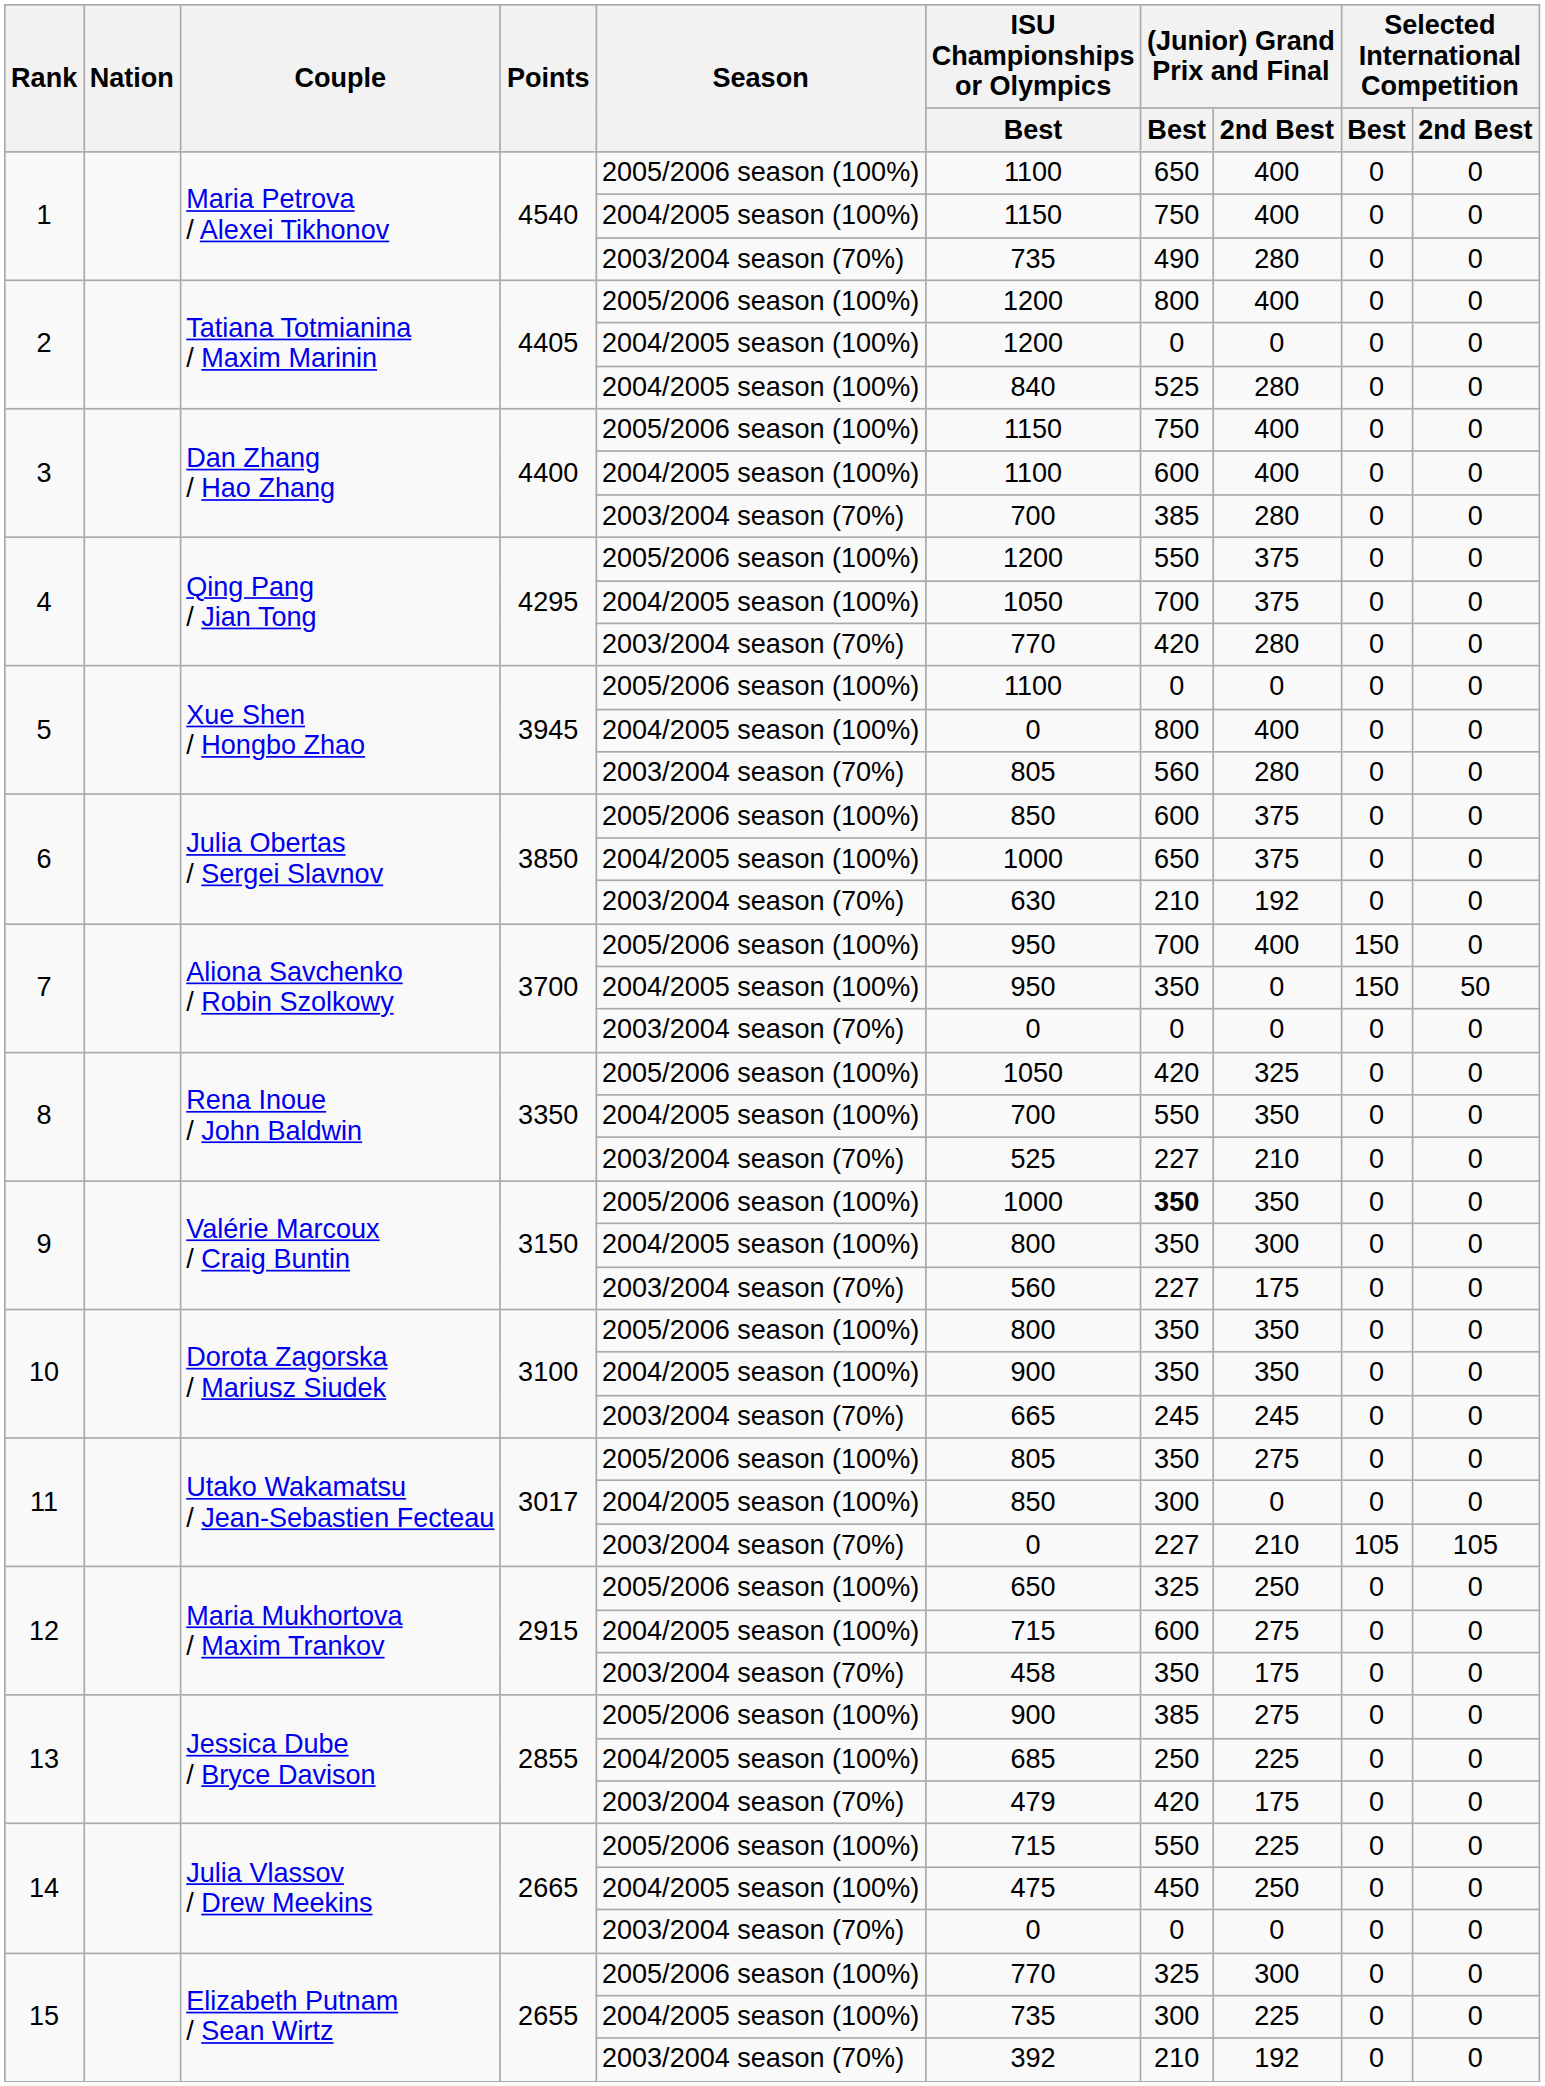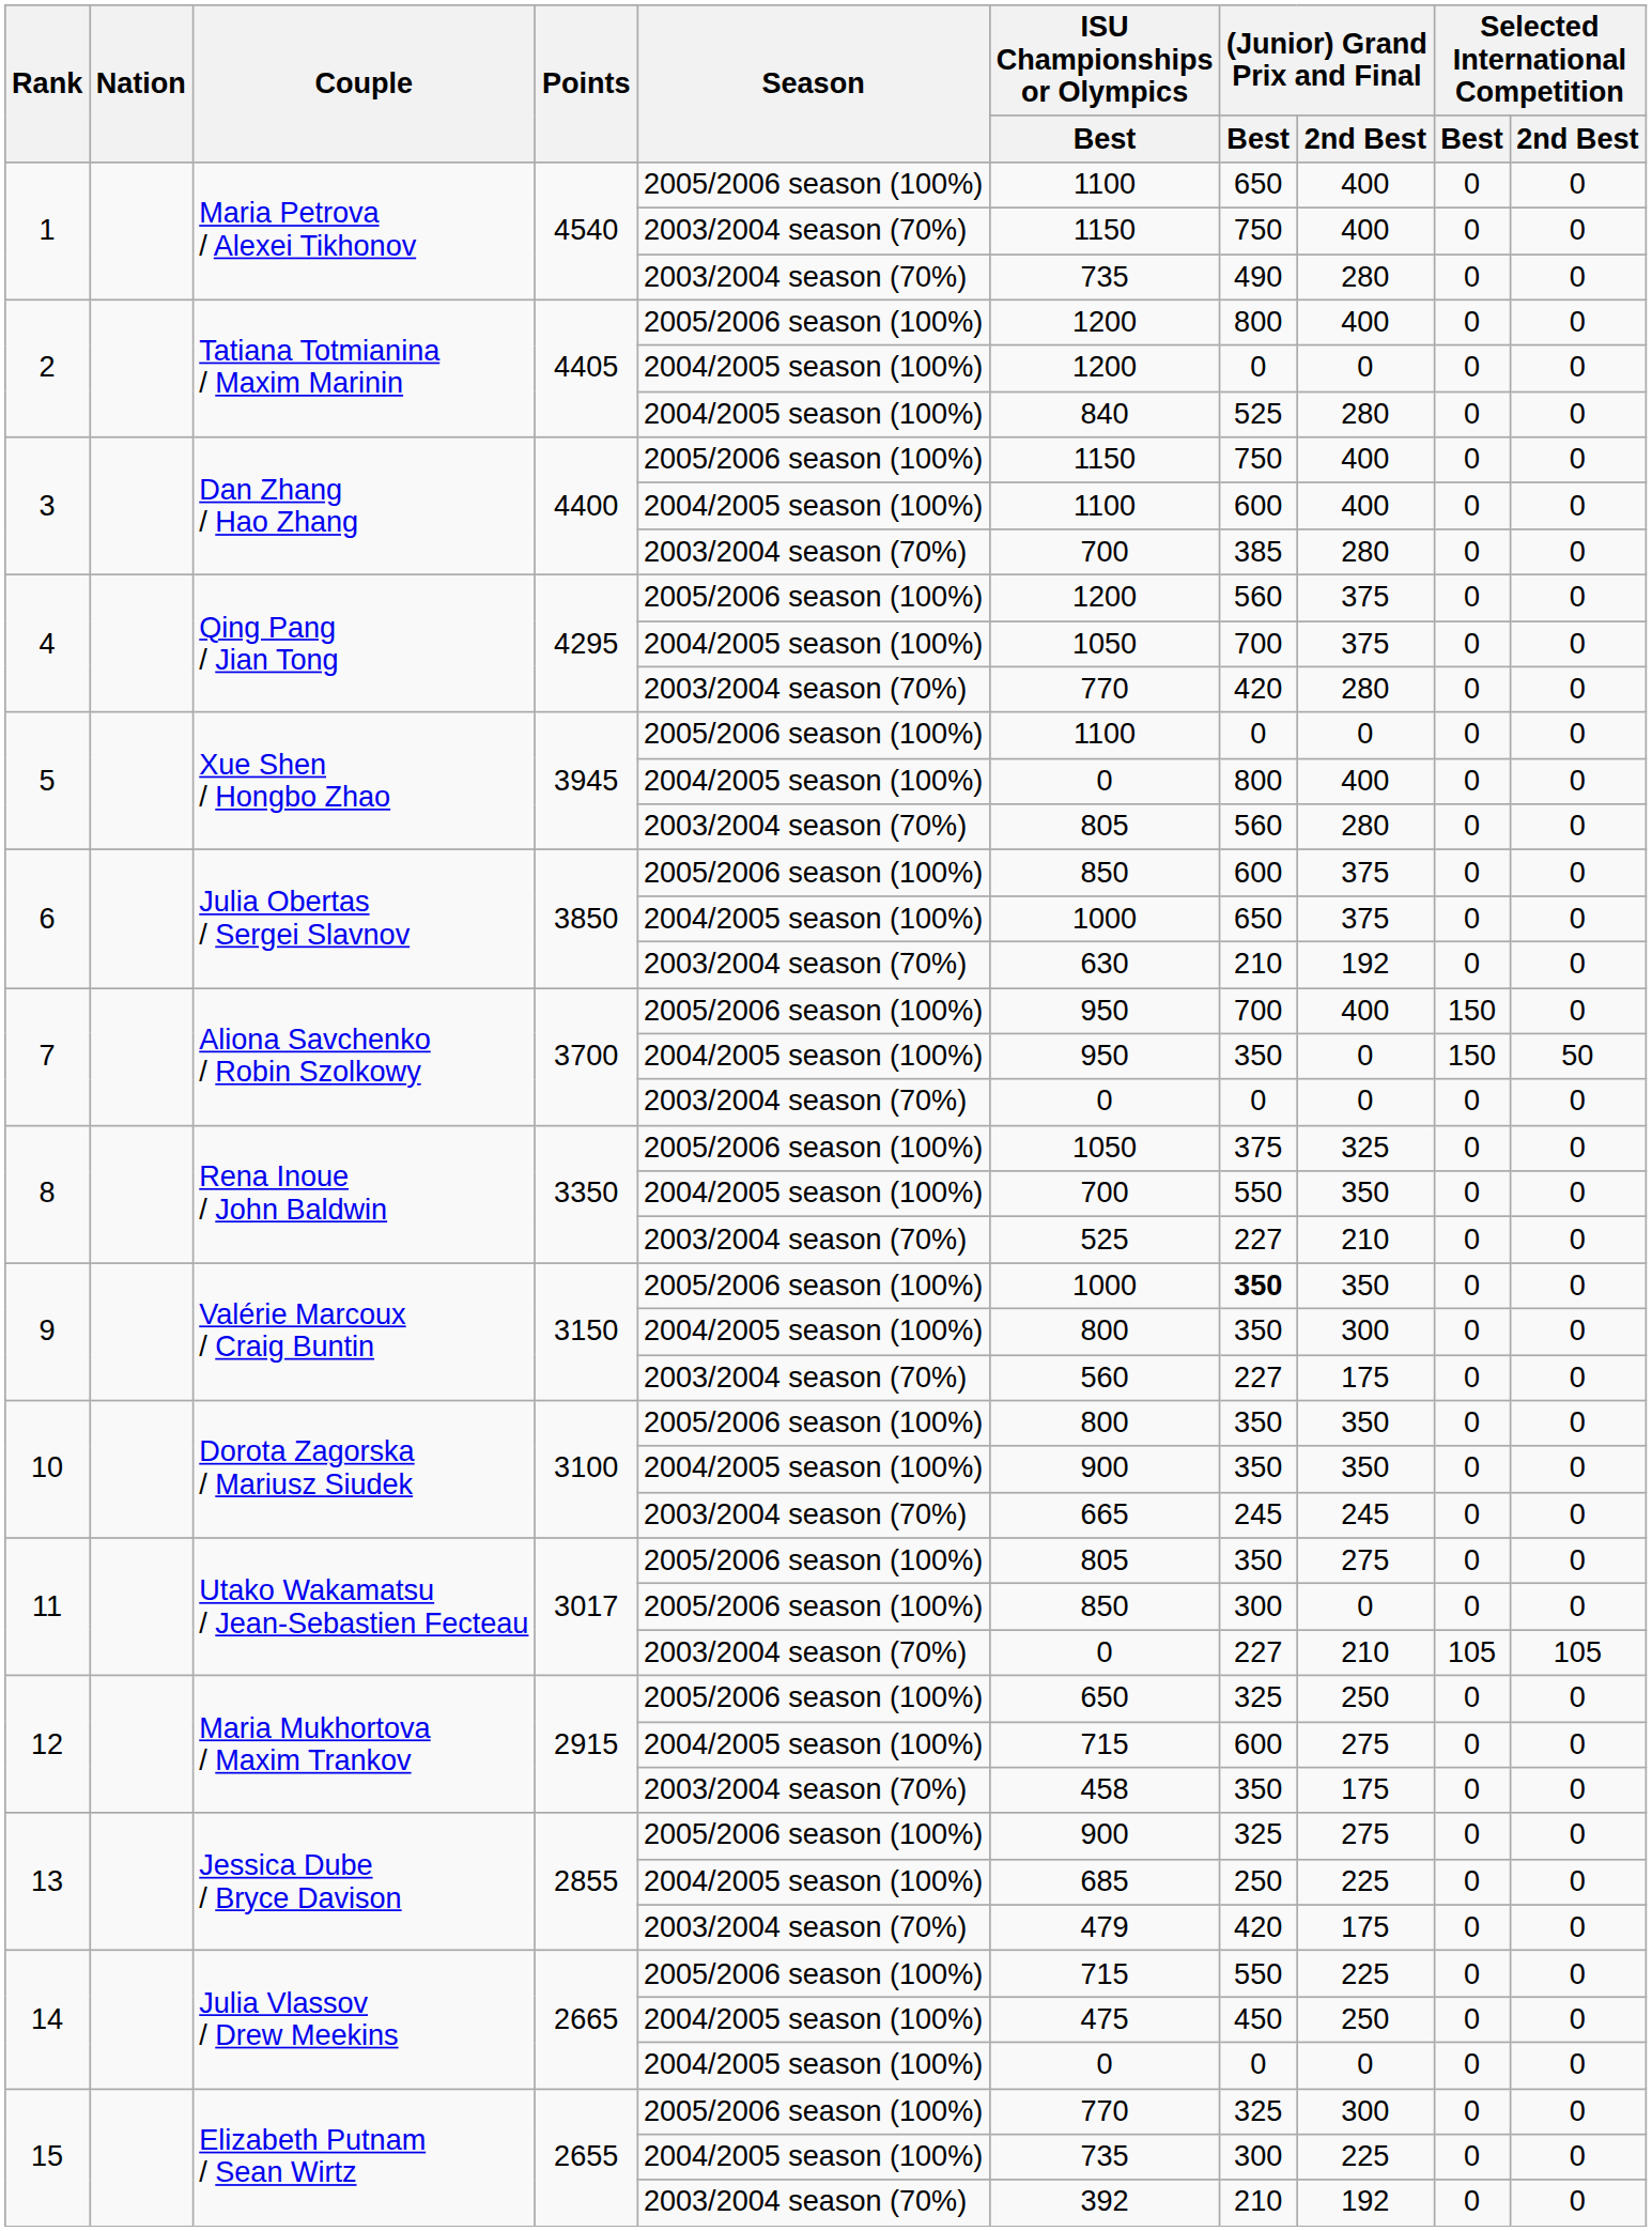 <table class="wikitable sortable" style="text-align: center;">
 <tr>
 <th rowspan="2">Rank</th>
 <th rowspan="2">Nation</th>
 <th rowspan="2">Couple</th>
 <th rowspan="2">Points</th>
 <th rowspan="2">Season</th>
 <th>ISU <br> Championships <br> or Olympics</th>
 <th colspan="2">(Junior) Grand <br> Prix and Final</th>
 <th colspan="2">Selected <br> International <br> Competition</th>
 </tr>
 <tr>
 <th>Best</th>
 <th>Best</th>
 <th>2nd Best</th>
 <th>Best</th>
 <th>2nd Best</th>
 </tr>
 <tr>
 <td rowspan="3">1</td>
 <td rowspan="3" style="text-align: left;"></td>
 <td rowspan="3" style="text-align: left;"><a href='#'>Maria Petrova</a> <br>/ <a href='#'>Alexei Tikhonov</a></td>
 <td rowspan="3">4540</td>
 <td style="text-align: left;">2005/2006 season (100%)</td>
 <td>1100</td>
 <td>650</td>
 <td>400</td>
 <td>0</td>
 <td>0</td>
 </tr>
 <tr>
-<td style="text-align: left;">2004/2005 season (100%)</td>
+<td style="text-align: left;">2003/2004 season (70%)</td>
 <td>1150</td>
 <td>750</td>
 <td>400</td>
 <td>0</td>
 <td>0</td>
 </tr>
 <tr>
 <td style="text-align: left;">2003/2004 season (70%)</td>
 <td>735</td>
 <td>490</td>
 <td>280</td>
 <td>0</td>
 <td>0</td>
 </tr>
 <tr>
 <td rowspan="3">2</td>
 <td rowspan="3" style="text-align: left;"></td>
 <td rowspan="3" style="text-align: left;"><a href='#'>Tatiana Totmianina</a> <br>/ <a href='#'>Maxim Marinin</a></td>
 <td rowspan="3">4405</td>
 <td style="text-align: left;">2005/2006 season (100%)</td>
 <td>1200</td>
 <td>800</td>
 <td>400</td>
 <td>0</td>
 <td>0</td>
 </tr>
 <tr>
 <td style="text-align: left;">2004/2005 season (100%)</td>
 <td>1200</td>
 <td>0</td>
 <td>0</td>
 <td>0</td>
 <td>0</td>
 </tr>
 <tr>
 <td style="text-align: left;">2004/2005 season (100%)</td>
 <td>840</td>
 <td>525</td>
 <td>280</td>
 <td>0</td>
 <td>0</td>
 </tr>
 <tr>
 <td rowspan="3">3</td>
 <td rowspan="3" style="text-align: left;"></td>
 <td rowspan="3" style="text-align: left;"><a href='#'>Dan Zhang</a> <br>/ <a href='#'>Hao Zhang</a></td>
 <td rowspan="3">4400</td>
 <td style="text-align: left;">2005/2006 season (100%)</td>
 <td>1150</td>
 <td>750</td>
 <td>400</td>
 <td>0</td>
 <td>0</td>
 </tr>
 <tr>
 <td style="text-align: left;">2004/2005 season (100%)</td>
 <td>1100</td>
 <td>600</td>
 <td>400</td>
 <td>0</td>
 <td>0</td>
 </tr>
 <tr>
 <td style="text-align: left;">2003/2004 season (70%)</td>
 <td>700</td>
 <td>385</td>
 <td>280</td>
 <td>0</td>
 <td>0</td>
 </tr>
 <tr>
 <td rowspan="3">4</td>
 <td rowspan="3" style="text-align: left;"></td>
 <td rowspan="3" style="text-align: left;"><a href='#'>Qing Pang</a> <br>/ <a href='#'>Jian Tong</a></td>
 <td rowspan="3">4295</td>
 <td style="text-align: left;">2005/2006 season (100%)</td>
 <td>1200</td>
-<td>550</td>
+<td>560</td>
 <td>375</td>
 <td>0</td>
 <td>0</td>
 </tr>
 <tr>
 <td style="text-align: left;">2004/2005 season (100%)</td>
 <td>1050</td>
 <td>700</td>
 <td>375</td>
 <td>0</td>
 <td>0</td>
 </tr>
 <tr>
 <td style="text-align: left;">2003/2004 season (70%)</td>
 <td>770</td>
 <td>420</td>
 <td>280</td>
 <td>0</td>
 <td>0</td>
 </tr>
 <tr>
 <td rowspan="3">5</td>
 <td rowspan="3" style="text-align: left;"></td>
 <td rowspan="3" style="text-align: left;"><a href='#'>Xue Shen</a> <br>/ <a href='#'>Hongbo Zhao</a></td>
 <td rowspan="3">3945</td>
 <td style="text-align: left;">2005/2006 season (100%)</td>
 <td>1100</td>
 <td>0</td>
 <td>0</td>
 <td>0</td>
 <td>0</td>
 </tr>
 <tr>
 <td style="text-align: left;">2004/2005 season (100%)</td>
 <td>0</td>
 <td>800</td>
 <td>400</td>
 <td>0</td>
 <td>0</td>
 </tr>
 <tr>
 <td style="text-align: left;">2003/2004 season (70%)</td>
 <td>805</td>
 <td>560</td>
 <td>280</td>
 <td>0</td>
 <td>0</td>
 </tr>
 <tr>
 <td rowspan="3">6</td>
 <td rowspan="3" style="text-align: left;"></td>
 <td rowspan="3" style="text-align: left;"><a href='#'>Julia Obertas</a> <br>/ <a href='#'>Sergei Slavnov</a></td>
 <td rowspan="3">3850</td>
 <td style="text-align: left;">2005/2006 season (100%)</td>
 <td>850</td>
 <td>600</td>
 <td>375</td>
 <td>0</td>
 <td>0</td>
 </tr>
 <tr>
 <td style="text-align: left;">2004/2005 season (100%)</td>
 <td>1000</td>
 <td>650</td>
 <td>375</td>
 <td>0</td>
 <td>0</td>
 </tr>
 <tr>
 <td style="text-align: left;">2003/2004 season (70%)</td>
 <td>630</td>
 <td>210</td>
 <td>192</td>
 <td>0</td>
 <td>0</td>
 </tr>
 <tr>
 <td rowspan="3">7</td>
 <td rowspan="3" style="text-align: left;"></td>
 <td rowspan="3" style="text-align: left;"><a href='#'>Aliona Savchenko</a> <br>/ <a href='#'>Robin Szolkowy</a></td>
 <td rowspan="3">3700</td>
 <td style="text-align: left;">2005/2006 season (100%)</td>
 <td>950</td>
 <td>700</td>
 <td>400</td>
 <td>150</td>
 <td>0</td>
 </tr>
 <tr>
 <td style="text-align: left;">2004/2005 season (100%)</td>
 <td>950</td>
 <td>350</td>
 <td>0</td>
 <td>150</td>
 <td>50</td>
 </tr>
 <tr>
 <td style="text-align: left;">2003/2004 season (70%)</td>
 <td>0</td>
 <td>0</td>
 <td>0</td>
 <td>0</td>
 <td>0</td>
 </tr>
 <tr>
 <td rowspan="3">8</td>
 <td rowspan="3" style="text-align: left;"></td>
 <td rowspan="3" style="text-align: left;"><a href='#'>Rena Inoue</a> <br>/ <a href='#'>John Baldwin</a></td>
 <td rowspan="3">3350</td>
 <td style="text-align: left;">2005/2006 season (100%)</td>
 <td>1050</td>
-<td>420</td>
+<td>375</td>
 <td>325</td>
 <td>0</td>
 <td>0</td>
 </tr>
 <tr>
 <td style="text-align: left;">2004/2005 season (100%)</td>
 <td>700</td>
 <td>550</td>
 <td>350</td>
 <td>0</td>
 <td>0</td>
 </tr>
 <tr>
 <td style="text-align: left;">2003/2004 season (70%)</td>
 <td>525</td>
 <td>227</td>
 <td>210</td>
 <td>0</td>
 <td>0</td>
 </tr>
 <tr>
 <td rowspan="3">9</td>
 <td rowspan="3" style="text-align: left;"></td>
 <td rowspan="3" style="text-align: left;"><a href='#'>Valérie Marcoux</a> <br>/ <a href='#'>Craig Buntin</a></td>
 <td rowspan="3">3150</td>
 <td style="text-align: left;">2005/2006 season (100%)</td>
 <td>1000</td>
 <td><strong>350</strong></td>
 <td>350</td>
 <td>0</td>
 <td>0</td>
 </tr>
 <tr>
 <td style="text-align: left;">2004/2005 season (100%)</td>
 <td>800</td>
 <td>350</td>
 <td>300</td>
 <td>0</td>
 <td>0</td>
 </tr>
 <tr>
 <td style="text-align: left;">2003/2004 season (70%)</td>
 <td>560</td>
 <td>227</td>
 <td>175</td>
 <td>0</td>
 <td>0</td>
 </tr>
 <tr>
 <td rowspan="3">10</td>
 <td rowspan="3" style="text-align: left;"></td>
 <td rowspan="3" style="text-align: left;"><a href='#'>Dorota Zagorska</a> <br>/ <a href='#'>Mariusz Siudek</a></td>
 <td rowspan="3">3100</td>
 <td style="text-align: left;">2005/2006 season (100%)</td>
 <td>800</td>
 <td>350</td>
 <td>350</td>
 <td>0</td>
 <td>0</td>
 </tr>
 <tr>
 <td style="text-align: left;">2004/2005 season (100%)</td>
 <td>900</td>
 <td>350</td>
 <td>350</td>
 <td>0</td>
 <td>0</td>
 </tr>
 <tr>
 <td style="text-align: left;">2003/2004 season (70%)</td>
 <td>665</td>
 <td>245</td>
 <td>245</td>
 <td>0</td>
 <td>0</td>
 </tr>
 <tr>
 <td rowspan="3">11</td>
 <td rowspan="3" style="text-align: left;"></td>
 <td rowspan="3" style="text-align: left;"><a href='#'>Utako Wakamatsu </a> <br>/ <a href='#'>Jean-Sebastien Fecteau</a></td>
 <td rowspan="3">3017</td>
 <td style="text-align: left;">2005/2006 season (100%)</td>
 <td>805</td>
 <td>350</td>
 <td>275</td>
 <td>0</td>
 <td>0</td>
 </tr>
 <tr>
-<td style="text-align: left;">2004/2005 season (100%)</td>
+<td style="text-align: left;">2005/2006 season (100%)</td>
 <td>850</td>
 <td>300</td>
 <td>0</td>
 <td>0</td>
 <td>0</td>
 </tr>
 <tr>
 <td style="text-align: left;">2003/2004 season (70%)</td>
 <td>0</td>
 <td>227</td>
 <td>210</td>
 <td>105</td>
 <td>105</td>
 </tr>
 <tr>
 <td rowspan="3">12</td>
 <td rowspan="3" style="text-align: left;"></td>
 <td rowspan="3" style="text-align: left;"><a href='#'>Maria Mukhortova</a> <br>/ <a href='#'>Maxim Trankov</a></td>
 <td rowspan="3">2915</td>
 <td style="text-align: left;">2005/2006 season (100%)</td>
 <td>650</td>
 <td>325</td>
 <td>250</td>
 <td>0</td>
 <td>0</td>
 </tr>
 <tr>
 <td style="text-align: left;">2004/2005 season (100%)</td>
 <td>715</td>
 <td>600</td>
 <td>275</td>
 <td>0</td>
 <td>0</td>
 </tr>
 <tr>
 <td style="text-align: left;">2003/2004 season (70%)</td>
 <td>458</td>
 <td>350</td>
 <td>175</td>
 <td>0</td>
 <td>0</td>
 </tr>
 <tr>
 <td rowspan="3">13</td>
 <td rowspan="3" style="text-align: left;"></td>
 <td rowspan="3" style="text-align: left;"><a href='#'>Jessica Dube</a> <br>/ <a href='#'>Bryce Davison</a></td>
 <td rowspan="3">2855</td>
 <td style="text-align: left;">2005/2006 season (100%)</td>
 <td>900</td>
-<td>385</td>
+<td>325</td>
 <td>275</td>
 <td>0</td>
 <td>0</td>
 </tr>
 <tr>
 <td style="text-align: left;">2004/2005 season (100%)</td>
 <td>685</td>
 <td>250</td>
 <td>225</td>
 <td>0</td>
 <td>0</td>
 </tr>
 <tr>
 <td style="text-align: left;">2003/2004 season (70%)</td>
 <td>479</td>
 <td>420</td>
 <td>175</td>
 <td>0</td>
 <td>0</td>
 </tr>
 <tr>
 <td rowspan="3">14</td>
 <td rowspan="3" style="text-align: left;"></td>
 <td rowspan="3" style="text-align: left;"><a href='#'>Julia Vlassov</a> <br>/ <a href='#'>Drew Meekins</a></td>
 <td rowspan="3">2665</td>
 <td style="text-align: left;">2005/2006 season (100%)</td>
 <td>715</td>
 <td>550</td>
 <td>225</td>
 <td>0</td>
 <td>0</td>
 </tr>
 <tr>
 <td style="text-align: left;">2004/2005 season (100%)</td>
 <td>475</td>
 <td>450</td>
 <td>250</td>
 <td>0</td>
 <td>0</td>
 </tr>
 <tr>
-<td style="text-align: left;">2003/2004 season (70%)</td>
+<td style="text-align: left;">2004/2005 season (100%)</td>
 <td>0</td>
 <td>0</td>
 <td>0</td>
 <td>0</td>
 <td>0</td>
 </tr>
 <tr>
 <td rowspan="3">15</td>
 <td rowspan="3" style="text-align: left;"></td>
 <td rowspan="3" style="text-align: left;"><a href='#'>Elizabeth Putnam</a> <br>/ <a href='#'>Sean Wirtz</a></td>
 <td rowspan="3">2655</td>
 <td style="text-align: left;">2005/2006 season (100%)</td>
 <td>770</td>
 <td>325</td>
 <td>300</td>
 <td>0</td>
 <td>0</td>
 </tr>
 <tr>
 <td style="text-align: left;">2004/2005 season (100%)</td>
 <td>735</td>
 <td>300</td>
 <td>225</td>
 <td>0</td>
 <td>0</td>
 </tr>
 <tr>
 <td style="text-align: left;">2003/2004 season (70%)</td>
 <td>392</td>
 <td>210</td>
 <td>192</td>
 <td>0</td>
 <td>0</td>
 </tr>
 </table>
